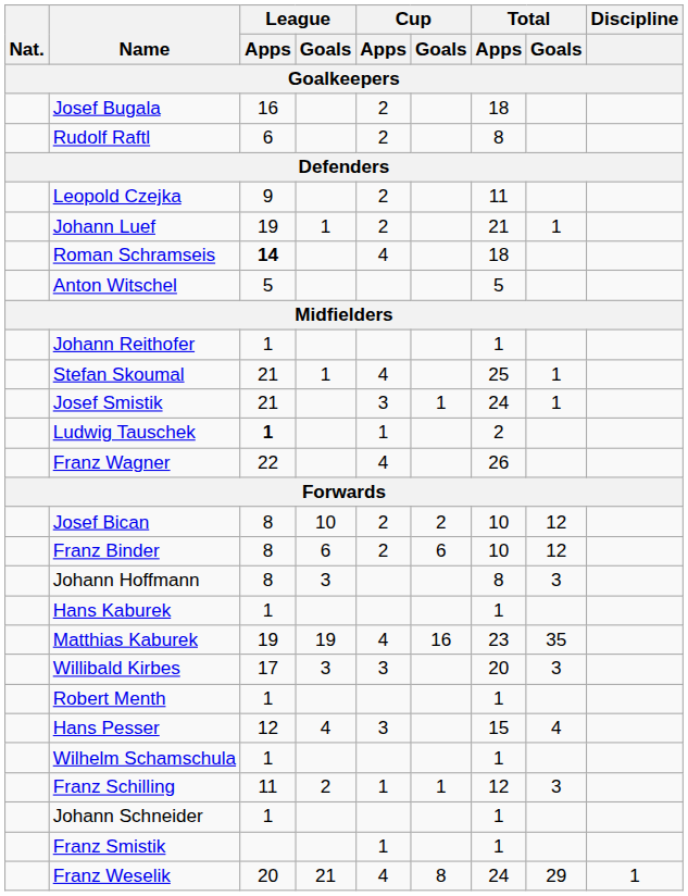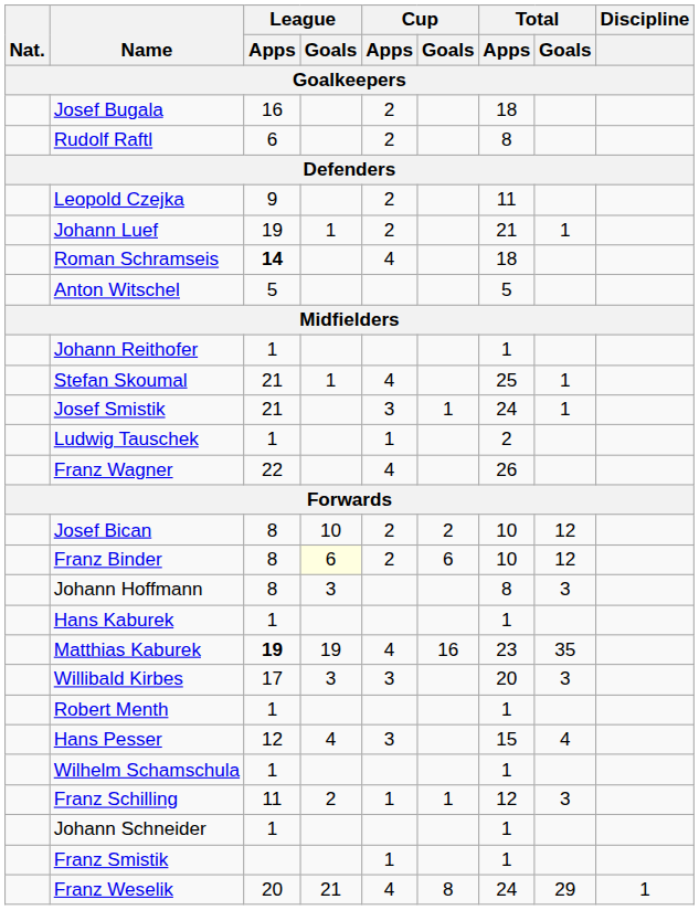 <table class="wikitable" style="text-align:center">
 <tr>
 <th rowspan="2" valign="bottom">Nat.</th>
 <th rowspan="2" valign="bottom">Name</th>
 <th colspan="2" width="85">League</th>
 <th colspan="2" width="85">Cup</th>
 <th colspan="2" width="85">Total</th>
 <th valign="bottom">Discipline</th>
 </tr>
 <tr>
 <th>Apps</th>
 <th>Goals</th>
 <th>Apps</th>
 <th>Goals</th>
 <th>Apps</th>
 <th>Goals</th>
 <th></th>
 </tr>
 <tr>
 <th colspan=20>Goalkeepers</th>
 </tr>
 <tr>
 <td></td>
 <td align="left"><a href='#'>Josef Bugala</a></td>
 <td>16</td>
 <td></td>
 <td>2</td>
 <td></td>
 <td>18</td>
 <td></td>
 <td></td>
 </tr>
 <tr>
 <td></td>
 <td align="left"><a href='#'>Rudolf Raftl</a></td>
 <td>6</td>
 <td></td>
 <td>2</td>
 <td></td>
 <td>8</td>
 <td></td>
 <td></td>
 </tr>
 <tr>
 <th colspan=20>Defenders</th>
 </tr>
 <tr>
 <td></td>
 <td align="left"><a href='#'>Leopold Czejka</a></td>
 <td>9</td>
 <td></td>
 <td>2</td>
 <td></td>
 <td>11</td>
 <td></td>
 <td></td>
 </tr>
 <tr>
 <td></td>
 <td align="left"><a href='#'>Johann Luef</a></td>
 <td>19</td>
 <td>1</td>
 <td>2</td>
 <td></td>
 <td>21</td>
 <td>1</td>
 <td></td>
 </tr>
 <tr>
 <td></td>
 <td align="left"><a href='#'>Roman Schramseis</a></td>
 <td><strong>14</strong></td>
 <td></td>
 <td>4</td>
 <td></td>
 <td>18</td>
 <td></td>
 <td></td>
 </tr>
 <tr>
 <td></td>
 <td align="left"><a href='#'>Anton Witschel</a></td>
 <td>5</td>
 <td></td>
 <td></td>
 <td></td>
 <td>5</td>
 <td></td>
 <td></td>
 </tr>
 <tr>
 <th colspan=20>Midfielders</th>
 </tr>
 <tr>
 <td></td>
 <td align="left"><a href='#'>Johann Reithofer</a></td>
 <td>1</td>
 <td></td>
 <td></td>
 <td></td>
 <td>1</td>
 <td></td>
 <td></td>
 </tr>
 <tr>
 <td></td>
 <td align="left"><a href='#'>Stefan Skoumal</a></td>
 <td>21</td>
 <td>1</td>
 <td>4</td>
 <td></td>
 <td>25</td>
 <td>1</td>
 <td></td>
 </tr>
 <tr>
 <td></td>
 <td align="left"><a href='#'>Josef Smistik</a></td>
 <td>21</td>
 <td></td>
 <td>3</td>
 <td>1</td>
 <td>24</td>
 <td>1</td>
 <td></td>
 </tr>
 <tr>
 <td></td>
 <td align="left"><a href='#'>Ludwig Tauschek</a></td>
-<td><strong>1</strong></td>
+<td>1</td>
 <td></td>
 <td>1</td>
 <td></td>
 <td>2</td>
 <td></td>
 <td></td>
 </tr>
 <tr>
 <td></td>
 <td align="left"><a href='#'>Franz Wagner</a></td>
 <td>22</td>
 <td></td>
 <td>4</td>
 <td></td>
 <td>26</td>
 <td></td>
 <td></td>
 </tr>
 <tr>
 <th colspan=20>Forwards</th>
 </tr>
 <tr>
 <td></td>
 <td align="left"><a href='#'>Josef Bican</a></td>
 <td>8</td>
 <td>10</td>
 <td>2</td>
 <td>2</td>
 <td>10</td>
 <td>12</td>
 <td></td>
 </tr>
 <tr>
 <td></td>
 <td align="left"><a href='#'>Franz Binder</a></td>
 <td>8</td>
-<td>6</td>
+<td style="background: lightyellow;">6</td>
 <td>2</td>
 <td>6</td>
 <td>10</td>
 <td>12</td>
 <td></td>
 </tr>
 <tr>
 <td></td>
 <td align="left">Johann Hoffmann</td>
 <td>8</td>
 <td>3</td>
 <td></td>
 <td></td>
 <td>8</td>
 <td>3</td>
 <td></td>
 </tr>
 <tr>
 <td></td>
 <td align="left"><a href='#'>Hans Kaburek</a></td>
 <td>1</td>
 <td></td>
 <td></td>
 <td></td>
 <td>1</td>
 <td></td>
 <td></td>
 </tr>
 <tr>
 <td></td>
 <td align="left"><a href='#'>Matthias Kaburek</a></td>
-<td>19</td>
+<td><strong>19</strong></td>
 <td>19</td>
 <td>4</td>
 <td>16</td>
 <td>23</td>
 <td>35</td>
 <td></td>
 </tr>
 <tr>
 <td></td>
 <td align="left"><a href='#'>Willibald Kirbes</a></td>
 <td>17</td>
 <td>3</td>
 <td>3</td>
 <td></td>
 <td>20</td>
 <td>3</td>
 <td></td>
 </tr>
 <tr>
 <td></td>
 <td align="left"><a href='#'>Robert Menth</a></td>
 <td>1</td>
 <td></td>
 <td></td>
 <td></td>
 <td>1</td>
 <td></td>
 <td></td>
 </tr>
 <tr>
 <td></td>
 <td align="left"><a href='#'>Hans Pesser</a></td>
 <td>12</td>
 <td>4</td>
 <td>3</td>
 <td></td>
 <td>15</td>
 <td>4</td>
 <td></td>
 </tr>
 <tr>
 <td></td>
 <td align="left"><a href='#'>Wilhelm Schamschula</a></td>
 <td>1</td>
 <td></td>
 <td></td>
 <td></td>
 <td>1</td>
 <td></td>
 <td></td>
 </tr>
 <tr>
 <td></td>
 <td align="left"><a href='#'>Franz Schilling</a></td>
 <td>11</td>
 <td>2</td>
 <td>1</td>
 <td>1</td>
 <td>12</td>
 <td>3</td>
 <td></td>
 </tr>
 <tr>
 <td></td>
 <td align="left">Johann Schneider</td>
 <td>1</td>
 <td></td>
 <td></td>
 <td></td>
 <td>1</td>
 <td></td>
 <td></td>
 </tr>
 <tr>
 <td></td>
 <td align="left"><a href='#'>Franz Smistik</a></td>
 <td></td>
 <td></td>
 <td>1</td>
 <td></td>
 <td>1</td>
 <td></td>
 <td></td>
 </tr>
 <tr>
 <td></td>
 <td align="left"><a href='#'>Franz Weselik</a></td>
 <td>20</td>
 <td>21</td>
 <td>4</td>
 <td>8</td>
 <td>24</td>
 <td>29</td>
 <td>1</td>
 </tr>
 </table>
